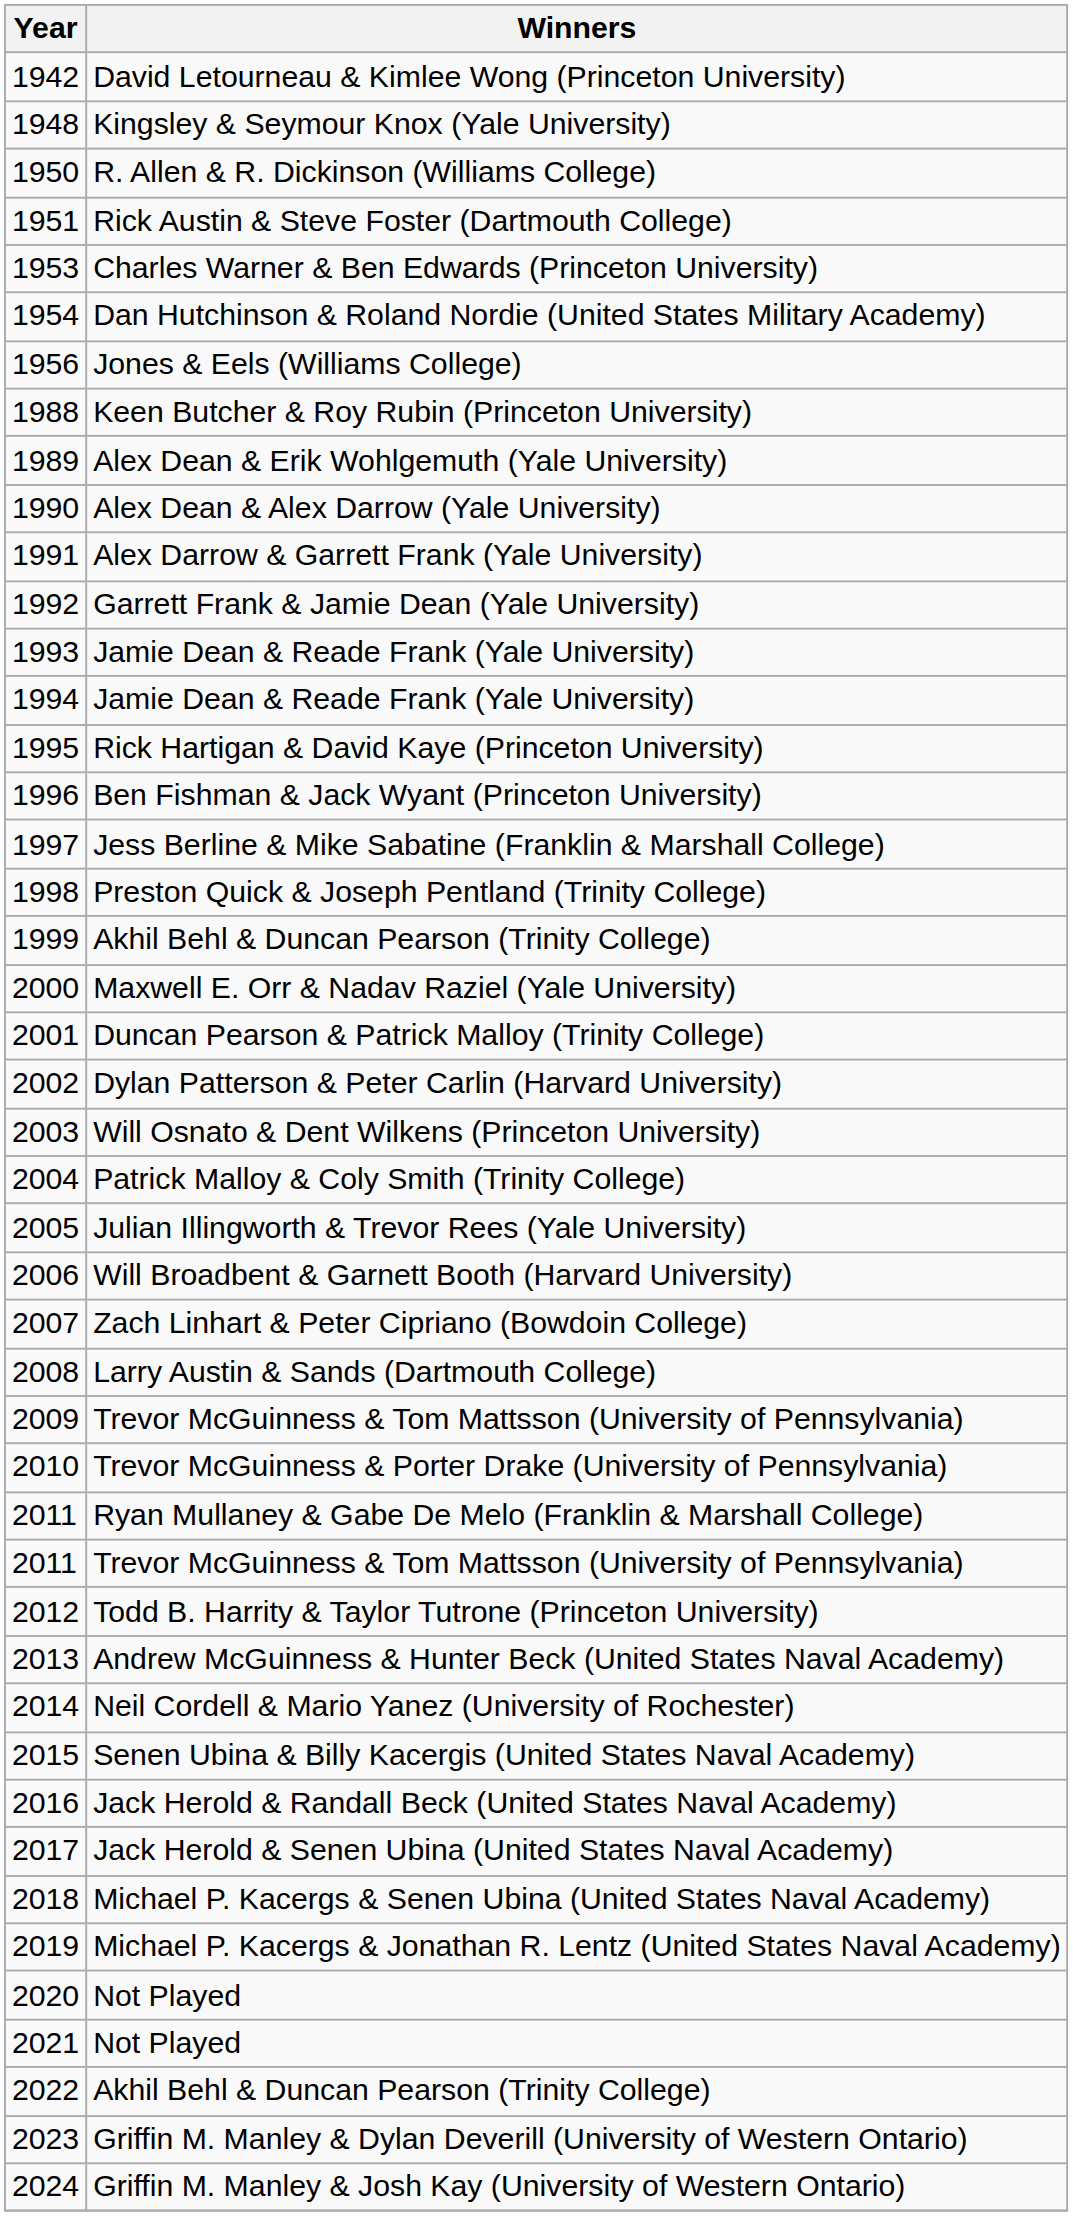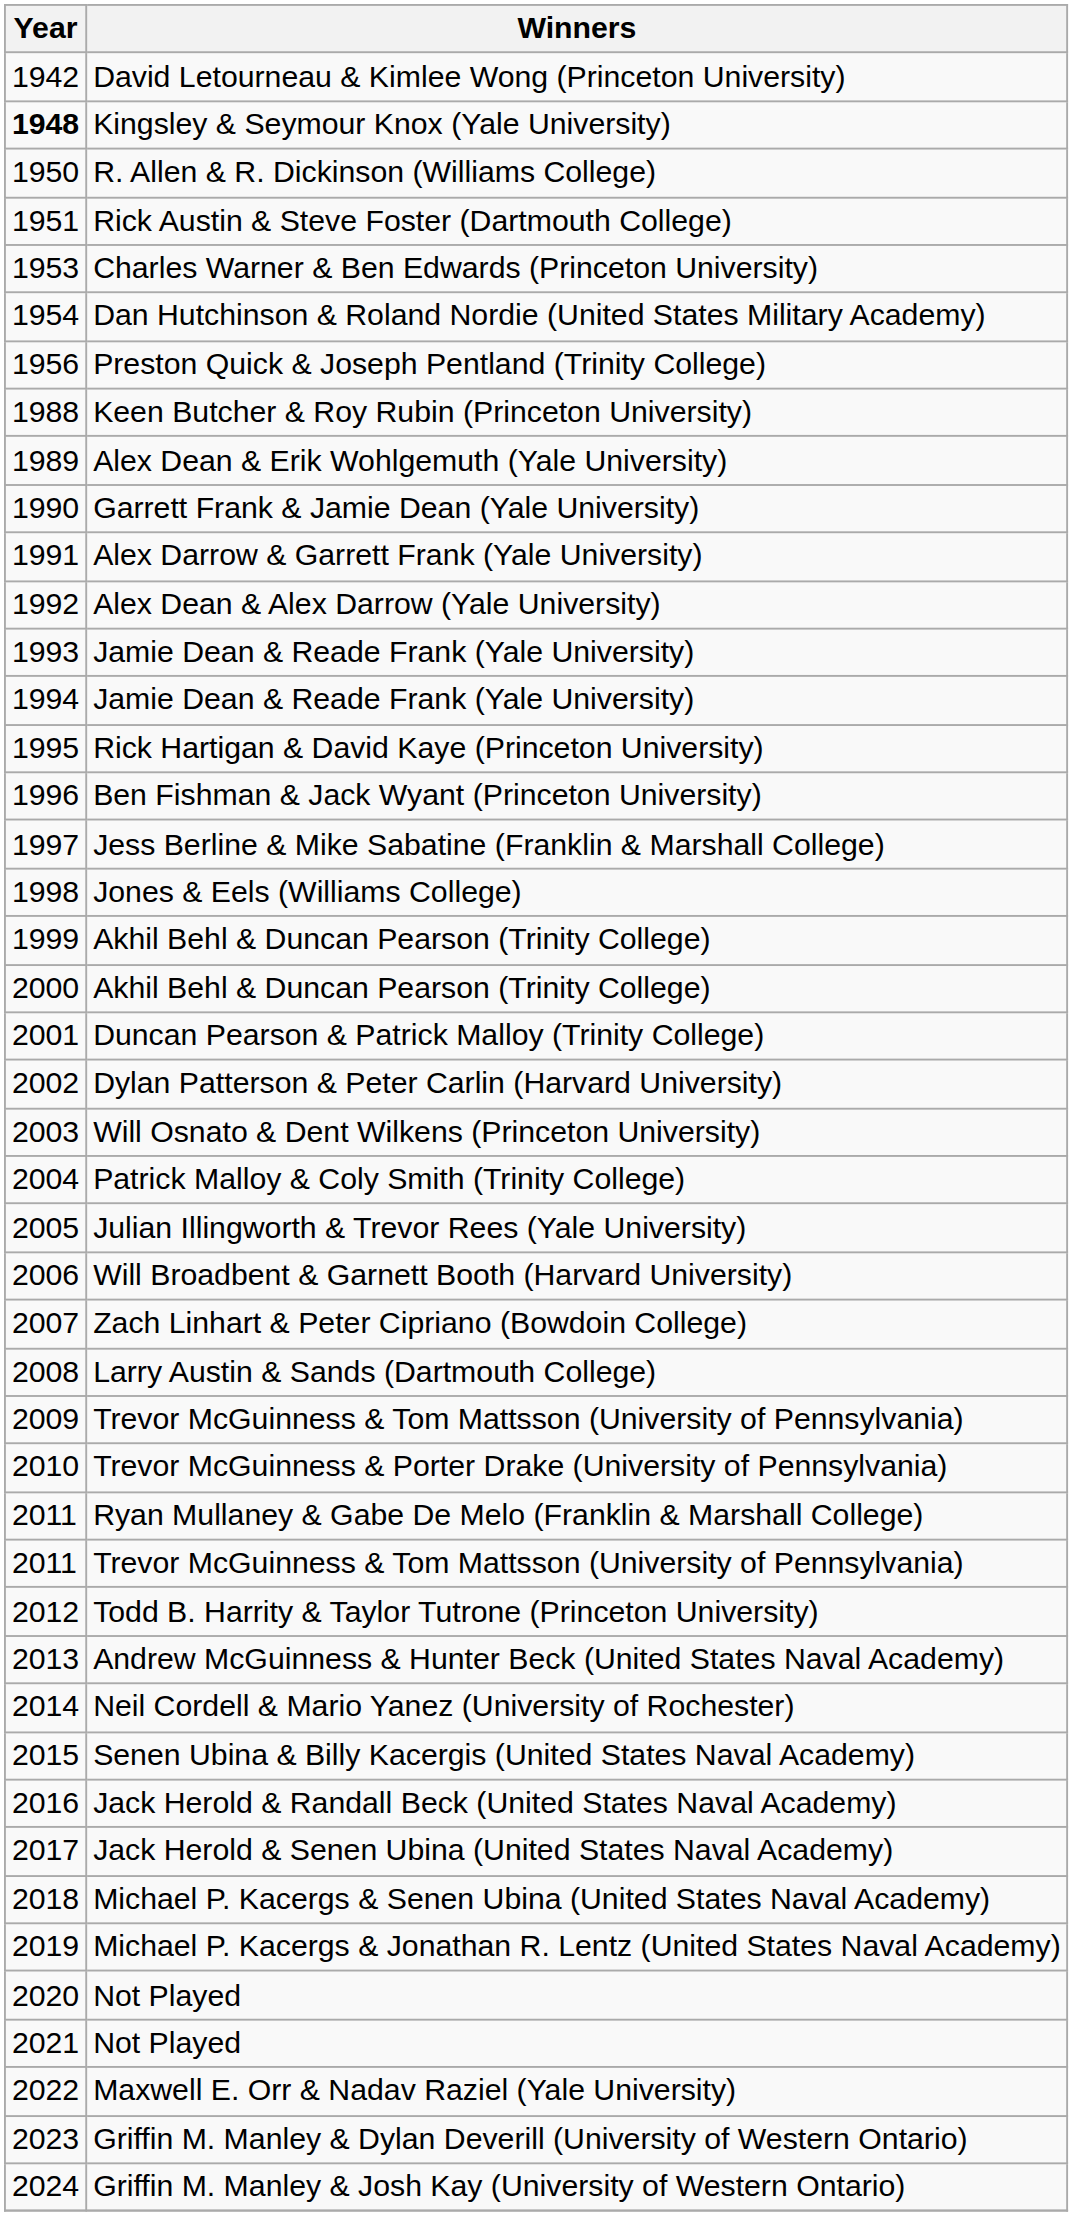 <table class="wikitable">
 <tr>
 <th>Year</th>
 <th>Winners</th>
 </tr>
 <tr>
 <td>1942</td>
 <td>David Letourneau & Kimlee Wong (Princeton University)</td>
 </tr>
 <tr>
-<td>1948</td>
+<td><strong>1948</strong></td>
 <td>Kingsley & Seymour Knox (Yale University)</td>
 </tr>
 <tr>
 <td>1950</td>
 <td>R. Allen & R. Dickinson (Williams College)</td>
 </tr>
 <tr>
 <td>1951</td>
 <td>Rick Austin & Steve Foster (Dartmouth College)</td>
 </tr>
 <tr>
 <td>1953</td>
 <td>Charles Warner & Ben Edwards (Princeton University)</td>
 </tr>
 <tr>
 <td>1954</td>
 <td>Dan Hutchinson & Roland Nordie (United States Military Academy)</td>
 </tr>
 <tr>
 <td>1956</td>
-<td>Jones & Eels (Williams College)</td>
+<td>Preston Quick & Joseph Pentland (Trinity College)</td>
 </tr>
 <tr>
 <td>1988</td>
 <td>Keen Butcher & Roy Rubin (Princeton University)</td>
 </tr>
 <tr>
 <td>1989</td>
 <td>Alex Dean & Erik Wohlgemuth (Yale University)</td>
 </tr>
 <tr>
 <td>1990</td>
-<td>Alex Dean & Alex Darrow (Yale University)</td>
+<td>Garrett Frank & Jamie Dean (Yale University)</td>
 </tr>
 <tr>
 <td>1991</td>
 <td>Alex Darrow & Garrett Frank (Yale University)</td>
 </tr>
 <tr>
 <td>1992</td>
-<td>Garrett Frank & Jamie Dean (Yale University)</td>
+<td>Alex Dean & Alex Darrow (Yale University)</td>
 </tr>
 <tr>
 <td>1993</td>
 <td>Jamie Dean & Reade Frank (Yale University)</td>
 </tr>
 <tr>
 <td>1994</td>
 <td>Jamie Dean & Reade Frank (Yale University)</td>
 </tr>
 <tr>
 <td>1995</td>
 <td>Rick Hartigan & David Kaye (Princeton University)</td>
 </tr>
 <tr>
 <td>1996</td>
 <td>Ben Fishman & Jack Wyant (Princeton University)</td>
 </tr>
 <tr>
 <td>1997</td>
 <td>Jess Berline & Mike Sabatine (Franklin & Marshall College)</td>
 </tr>
 <tr>
 <td>1998</td>
-<td>Preston Quick & Joseph Pentland (Trinity College)</td>
+<td>Jones & Eels (Williams College)</td>
 </tr>
 <tr>
 <td>1999</td>
 <td>Akhil Behl & Duncan Pearson (Trinity College)</td>
 </tr>
 <tr>
 <td>2000</td>
-<td>Maxwell E. Orr & Nadav Raziel (Yale University)</td>
+<td>Akhil Behl & Duncan Pearson (Trinity College)</td>
 </tr>
 <tr>
 <td>2001</td>
 <td>Duncan Pearson & Patrick Malloy (Trinity College)</td>
 </tr>
 <tr>
 <td>2002</td>
 <td>Dylan Patterson & Peter Carlin (Harvard University)</td>
 </tr>
 <tr>
 <td>2003</td>
 <td>Will Osnato & Dent Wilkens (Princeton University)</td>
 </tr>
 <tr>
 <td>2004</td>
 <td>Patrick Malloy & Coly Smith (Trinity College)</td>
 </tr>
 <tr>
 <td>2005</td>
 <td>Julian Illingworth & Trevor Rees (Yale University)</td>
 </tr>
 <tr>
 <td>2006</td>
 <td>Will Broadbent & Garnett Booth (Harvard University)</td>
 </tr>
 <tr>
 <td>2007</td>
 <td>Zach Linhart & Peter Cipriano (Bowdoin College)</td>
 </tr>
 <tr>
 <td>2008</td>
 <td>Larry Austin & Sands (Dartmouth College)</td>
 </tr>
 <tr>
 <td>2009</td>
 <td>Trevor McGuinness & Tom Mattsson (University of Pennsylvania)</td>
 </tr>
 <tr>
 <td>2010</td>
 <td>Trevor McGuinness & Porter Drake (University of Pennsylvania)</td>
 </tr>
 <tr>
 <td>2011</td>
 <td>Ryan Mullaney & Gabe De Melo (Franklin & Marshall College)</td>
 </tr>
 <tr>
 <td>2011</td>
 <td>Trevor McGuinness & Tom Mattsson (University of Pennsylvania)</td>
 </tr>
 <tr>
 <td>2012</td>
 <td>Todd B. Harrity & Taylor Tutrone (Princeton University)</td>
 </tr>
 <tr>
 <td>2013</td>
 <td>Andrew McGuinness & Hunter Beck (United States Naval Academy)</td>
 </tr>
 <tr>
 <td>2014</td>
 <td>Neil Cordell & Mario Yanez (University of Rochester)</td>
 </tr>
 <tr>
 <td>2015</td>
 <td>Senen Ubina & Billy Kacergis (United States Naval Academy)</td>
 </tr>
 <tr>
 <td>2016</td>
 <td>Jack Herold & Randall Beck (United States Naval Academy)</td>
 </tr>
 <tr>
 <td>2017</td>
 <td>Jack Herold & Senen Ubina (United States Naval Academy)</td>
 </tr>
 <tr>
 <td>2018</td>
 <td>Michael P. Kacergs & Senen Ubina (United States Naval Academy)</td>
 </tr>
 <tr>
 <td>2019</td>
 <td>Michael P. Kacergs & Jonathan R. Lentz (United States Naval Academy)</td>
 </tr>
 <tr>
 <td>2020</td>
 <td>Not Played</td>
 </tr>
 <tr>
 <td>2021</td>
 <td>Not Played</td>
 </tr>
 <tr>
 <td>2022</td>
-<td>Akhil Behl & Duncan Pearson (Trinity College)</td>
+<td>Maxwell E. Orr & Nadav Raziel (Yale University)</td>
 </tr>
 <tr>
 <td>2023</td>
 <td>Griffin M. Manley & Dylan Deverill (University of Western Ontario)</td>
 </tr>
 <tr>
 <td>2024</td>
 <td>Griffin M. Manley & Josh Kay (University of Western Ontario)</td>
 </tr>
 <tr>
 </tr>
 </table>
